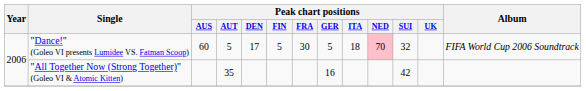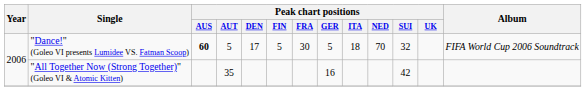 <table class="wikitable" style="text-align:center;">
 <tr>
 <th rowspan="2">Year</th>
 <th rowspan="2">Single</th>
 <th colspan="10">Peak chart positions</th>
 <th rowspan="2">Album</th>
 </tr>
 <tr style="font-size:smaller;">
 <th width="35"><a href='#'>AUS</a><br></th>
 <th width="35"><a href='#'>AUT</a></th>
 <th width="35"><a href='#'>DEN</a></th>
 <th width="35"><a href='#'>FIN</a></th>
 <th width="35"><a href='#'>FRA</a><br></th>
 <th width="35"><a href='#'>GER</a></th>
 <th width="35"><a href='#'>ITA</a></th>
 <th width="35"><a href='#'>NED</a><br></th>
 <th width="35"><a href='#'>SUI</a></th>
 <th width="35"><a href='#'>UK</a></th>
 </tr>
 <tr>
 <td rowspan=2>2006</td>
 <td align="left">"<a href='#'>Dance!</a>" <br><small>(Goleo VI presents <a href='#'>Lumidee</a> VS. <a href='#'>Fatman Scoop</a>)</small></td>
-<td>60</td>
+<td><strong>60</strong></td>
 <td>5</td>
 <td>17</td>
 <td>5</td>
 <td>30</td>
 <td>5</td>
 <td>18</td>
-<td style="background: pink;">70</td>
+<td>70</td>
 <td>32</td>
 <td></td>
 <td align="left"><em>FIFA World Cup 2006 Soundtrack</em></td>
 </tr>
 <tr>
 <td align="left">"<a href='#'>All Together Now (Strong Together)</a>" <br><small>(Goleo VI & <a href='#'>Atomic Kitten</a>)</small></td>
 <td></td>
 <td>35</td>
 <td></td>
 <td></td>
 <td></td>
 <td>16</td>
 <td></td>
 <td></td>
 <td>42</td>
 <td></td>
 <td align="left"></td>
 </tr>
 <tr>
 </tr>
 </table>
